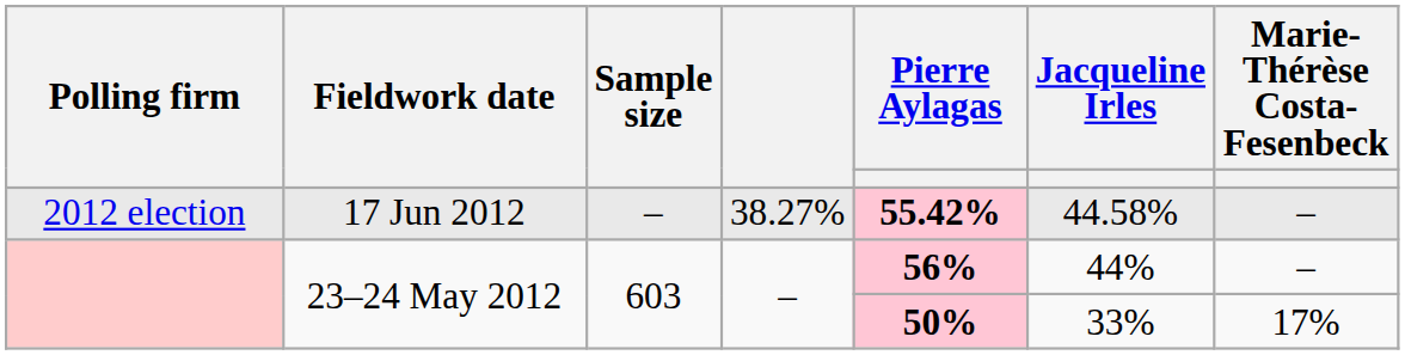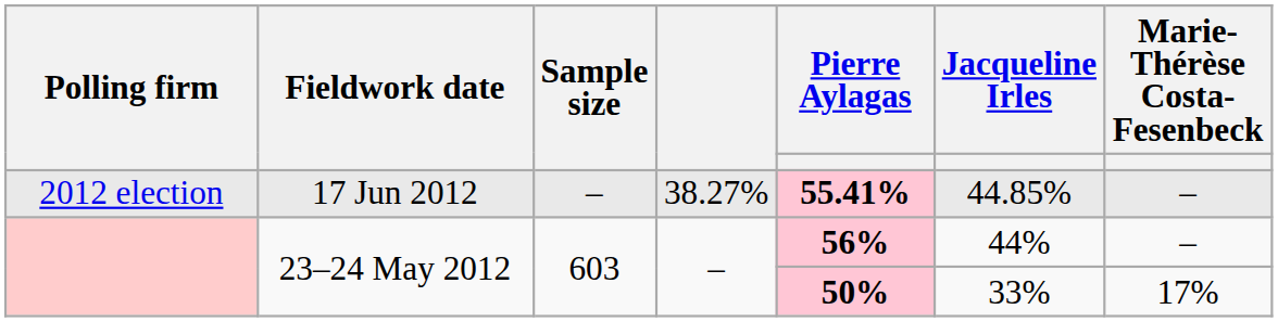 <table class="wikitable sortable" style="text-align:center;font-size:90%;line-height:14px;">
 <tr style="height:40px;">
 <th style="width:100px;" rowspan="2">Polling firm</th>
 <th style="width:110px;" rowspan="2">Fieldwork date</th>
 <th style="width:35px;" rowspan="2">Sample<br>size</th>
 <th style="width:30px;" rowspan="2"></th>
 <th class="unsortable" style="width:60px;"><a href='#'>Pierre Aylagas</a><br></th>
 <th class="unsortable" style="width:60px;"><a href='#'>Jacqueline Irles</a><br></th>
 <th class="unsortable" style="width:60px;">Marie-Thérèse Costa-Fesenbeck<br></th>
 </tr>
 <tr>
 <th style="background:"></th>
 <th style="background:"></th>
 <th style="background:"></th>
 </tr>
 <tr style="background:#E9E9E9;">
 <td><a href='#'>2012 election</a></td>
 <td data-sort-value="2012-06-17">17 Jun 2012</td>
 <td>–</td>
 <td>38.27%</td>
-<td style="background:#FFC6D5;"><strong>55.42%</strong></td>
-<td>44.58%</td>
+<td style="background:#FFC6D5;"><strong>55.41%</strong></td>
+<td>44.85%</td>
 <td>–</td>
 </tr>
 <tr>
 <td rowspan="2" style="background:#FFCCCC;"></td>
 <td rowspan="2" data-sort-value="2012-05-24">23–24 May 2012</td>
 <td rowspan="2">603</td>
 <td rowspan="2">–</td>
 <td style="background:#FFC6D5;"><strong>56%</strong></td>
 <td>44%</td>
 <td>–</td>
 </tr>
 <tr>
 <td style="background:#FFC6D5;"><strong>50%</strong></td>
 <td>33%</td>
 <td>17%</td>
 </tr>
 </table>
